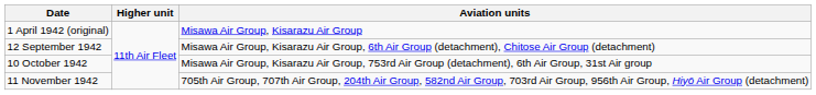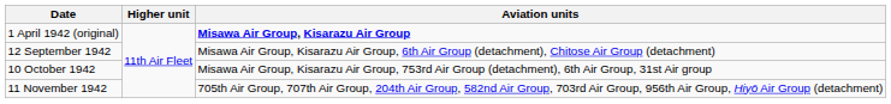 <table class="wikitable">
 <tr>
 <th>Date</th>
 <th>Higher unit</th>
 <th>Aviation units</th>
 </tr>
 <tr>
 <td>1 April 1942 (original)</td>
 <td rowspan="4"><a href='#'>11th Air Fleet</a></td>
-<td><a href='#'>Misawa Air Group</a>, <a href='#'>Kisarazu Air Group</a></td>
+<td><strong><a href='#'>Misawa Air Group</a>, <a href='#'>Kisarazu Air Group</a></strong></td>
 </tr>
 <tr>
 <td>12 September 1942</td>
 <td>Misawa Air Group, Kisarazu Air Group, <a href='#'>6th Air Group</a> (detachment), <a href='#'>Chitose Air Group</a> (detachment)</td>
 </tr>
 <tr>
 <td>10 October 1942</td>
 <td>Misawa Air Group, Kisarazu Air Group, 753rd Air Group (detachment), 6th Air Group, 31st Air group</td>
 </tr>
 <tr>
 <td>11 November 1942</td>
 <td>705th Air Group, 707th Air Group, <a href='#'>204th Air Group</a>, <a href='#'>582nd Air Group</a>, 703rd Air Group, 956th Air Group, <a href='#'><em>Hiyō</em> Air Group</a> (detachment)</td>
 </tr>
 </table>
